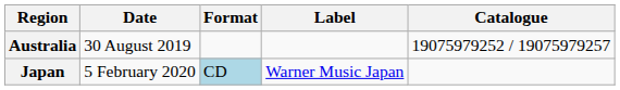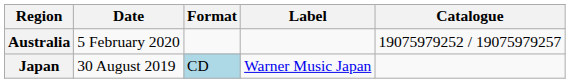 <table class="wikitable plainrowheaders">
 <tr>
 <th scope="col">Region</th>
 <th scope="col">Date</th>
 <th scope="col">Format</th>
 <th scope="col">Label</th>
 <th scope="col">Catalogue</th>
 </tr>
 <tr>
 <th scope="row">Australia</th>
-<td>30 August 2019</td>
+<td>5 February 2020</td>
 <td></td>
 <td></td>
 <td>19075979252 / 19075979257</td>
 </tr>
 <tr>
 <th scope="row">Japan</th>
-<td>5 February 2020</td>
+<td>30 August 2019</td>
 <td style="background: lightblue;">CD</td>
 <td><a href='#'>Warner Music Japan</a></td>
 </tr>
 </table>
